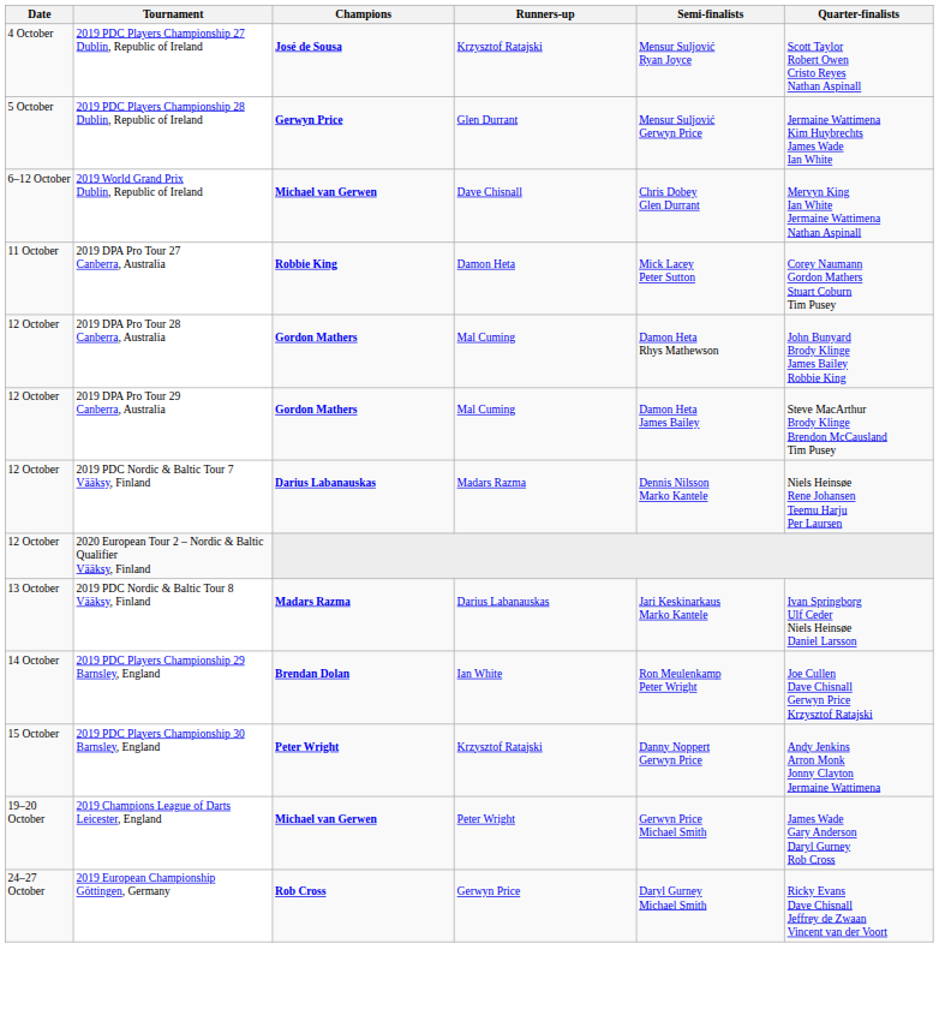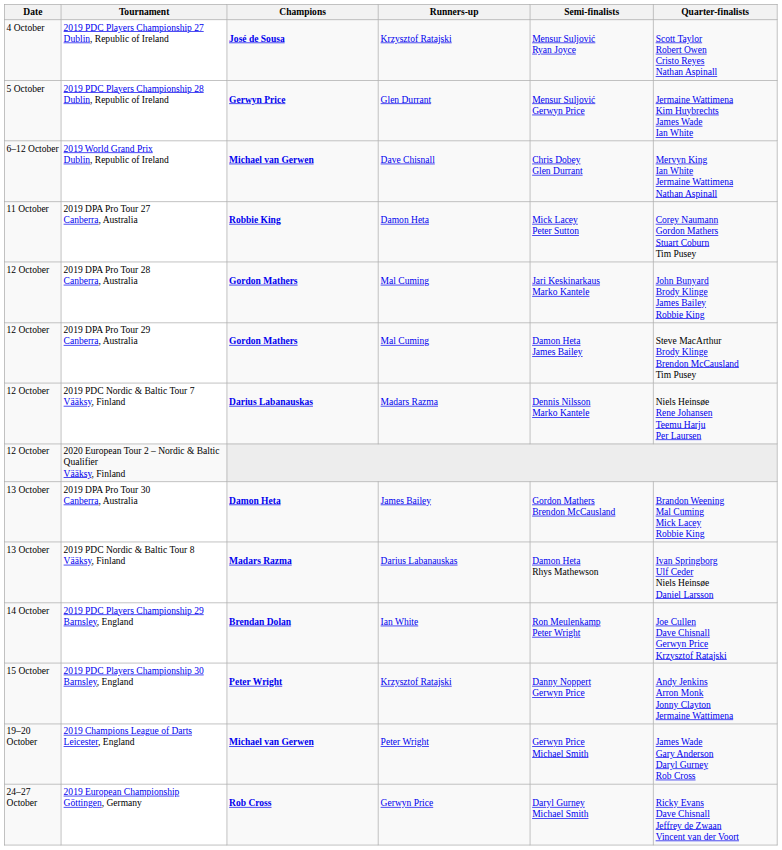 <table class=wikitable style=font-size:85%>
 <tr>
 <th width=75>Date</th>
 <th width=230>Tournament</th>
 <th width=210>Champions</th>
 <th width=210>Runners-up</th>
 <th width=170>Semi-finalists</th>
 <th width=170>Quarter-finalists</th>
 </tr>
 <tr valign="top">
 <td>4 October</td>
 <td bgcolor="#ffffff"><a href='#'>2019 PDC Players Championship 27</a><br><a href='#'>Dublin</a>, Republic of Ireland</td>
 <td><br> <strong><a href='#'>José de Sousa</a></strong></td>
 <td><br> <a href='#'>Krzysztof Ratajski</a></td>
 <td><br> <a href='#'>Mensur Suljović</a> <br>  <a href='#'>Ryan Joyce</a></td>
 <td><br> <a href='#'>Scott Taylor</a> <br>  <a href='#'>Robert Owen</a> <br>  <a href='#'>Cristo Reyes</a> <br>  <a href='#'>Nathan Aspinall</a></td>
 </tr>
 <tr valign="top">
 <td>5 October</td>
 <td bgcolor="#ffffff"><a href='#'>2019 PDC Players Championship 28</a><br><a href='#'>Dublin</a>, Republic of Ireland</td>
 <td><br> <strong><a href='#'>Gerwyn Price</a></strong></td>
 <td><br> <a href='#'>Glen Durrant</a></td>
 <td><br> <a href='#'>Mensur Suljović</a>  <br>  <a href='#'>Gerwyn Price</a></td>
 <td><br> <a href='#'>Jermaine Wattimena</a> <br>  <a href='#'>Kim Huybrechts</a> <br>  <a href='#'>James Wade</a> <br>  <a href='#'>Ian White</a></td>
 </tr>
 <tr valign="top">
 <td>6–12 October</td>
 <td bgcolor="#ffffff"><a href='#'>2019 World Grand Prix</a><br><a href='#'>Dublin</a>, Republic of Ireland</td>
 <td><br> <strong><a href='#'>Michael van Gerwen</a></strong></td>
 <td><br> <a href='#'>Dave Chisnall</a></td>
 <td><br> <a href='#'>Chris Dobey</a> <br>  <a href='#'>Glen Durrant</a></td>
 <td><br> <a href='#'>Mervyn King</a> <br>  <a href='#'>Ian White</a> <br>  <a href='#'>Jermaine Wattimena</a> <br>  <a href='#'>Nathan Aspinall</a></td>
 </tr>
 <tr valign="top">
 <td>11 October</td>
 <td bgcolor="#ffffff">2019 DPA Pro Tour 27<br><a href='#'>Canberra</a>, Australia</td>
 <td><br> <strong><a href='#'>Robbie King</a></strong></td>
 <td><br> <a href='#'>Damon Heta</a></td>
 <td><br> <a href='#'>Mick Lacey</a> <br>  <a href='#'>Peter Sutton</a></td>
 <td><br> <a href='#'>Corey Naumann</a> <br>  <a href='#'>Gordon Mathers</a> <br>  <a href='#'>Stuart Coburn</a> <br>  Tim Pusey</td>
 </tr>
 <tr valign="top">
 <td>12 October</td>
 <td bgcolor="#ffffff">2019 DPA Pro Tour 28<br><a href='#'>Canberra</a>, Australia</td>
 <td><br> <strong><a href='#'>Gordon Mathers</a></strong></td>
 <td><br> <a href='#'>Mal Cuming</a></td>
-<td><br> <a href='#'>Damon Heta</a> <br>  Rhys Mathewson</td>
+<td><br> <a href='#'>Jari Keskinarkaus</a>  <br>  <a href='#'>Marko Kantele</a></td>
 <td><br> <a href='#'>John Bunyard</a> <br>  <a href='#'>Brody Klinge</a> <br>  <a href='#'>James Bailey</a> <br>  <a href='#'>Robbie King</a></td>
 </tr>
 <tr valign="top">
 <td>12 October</td>
 <td bgcolor="#ffffff">2019 DPA Pro Tour 29<br><a href='#'>Canberra</a>, Australia</td>
 <td><br> <strong><a href='#'>Gordon Mathers</a></strong></td>
 <td><br> <a href='#'>Mal Cuming</a></td>
 <td><br> <a href='#'>Damon Heta</a> <br>  <a href='#'>James Bailey</a></td>
 <td><br> Steve MacArthur <br>  <a href='#'>Brody Klinge</a> <br>  <a href='#'>Brendon McCausland</a> <br>  Tim Pusey</td>
 </tr>
 <tr valign="top">
 <td>12 October</td>
 <td bgcolor="#ffffff">2019 PDC Nordic & Baltic Tour 7<br><a href='#'>Vääksy</a>, Finland</td>
 <td><br> <strong><a href='#'>Darius Labanauskas</a></strong></td>
 <td><br> <a href='#'>Madars Razma</a></td>
 <td><br> <a href='#'>Dennis Nilsson</a> <br>  <a href='#'>Marko Kantele</a></td>
 <td><br> Niels Heinsøe <br>  <a href='#'>Rene Johansen</a> <br>  <a href='#'>Teemu Harju</a> <br>  <a href='#'>Per Laursen</a></td>
 </tr>
 <tr valign="top">
 <td rowspan=1>12 October</td>
 <td>2020 European Tour 2 – Nordic & Baltic Qualifier <br><a href='#'>Vääksy</a>, Finland</td>
 <td colspan=4 bgcolor="#ededed"></td>
 </tr>
 <tr valign="top">
 <td>13 October</td>
+<td bgcolor="#ffffff">2019 DPA Pro Tour 30<br><a href='#'>Canberra</a>, Australia</td>
+<td><br> <strong><a href='#'>Damon Heta</a></strong></td>
+<td><br> <a href='#'>James Bailey</a></td>
+<td><br> <a href='#'>Gordon Mathers</a> <br>  <a href='#'>Brendon McCausland</a></td>
+<td><br> <a href='#'>Brandon Weening</a> <br>  <a href='#'>Mal Cuming</a> <br>  <a href='#'>Mick Lacey</a> <br>  <a href='#'>Robbie King</a></td>
+</tr>
+<tr valign="top">
+<td>13 October</td>
 <td bgcolor="#ffffff">2019 PDC Nordic & Baltic Tour 8<br><a href='#'>Vääksy</a>, Finland</td>
 <td><br> <strong><a href='#'>Madars Razma</a></strong></td>
 <td><br> <a href='#'>Darius Labanauskas</a></td>
-<td><br> <a href='#'>Jari Keskinarkaus</a>  <br>  <a href='#'>Marko Kantele</a></td>
+<td><br> <a href='#'>Damon Heta</a> <br>  Rhys Mathewson</td>
 <td><br> <a href='#'>Ivan Springborg</a> <br>  <a href='#'>Ulf Ceder</a> <br>  Niels Heinsøe <br>  <a href='#'>Daniel Larsson</a></td>
 </tr>
 <tr valign="top">
 <td>14 October</td>
 <td bgcolor="#ffffff"><a href='#'>2019 PDC Players Championship 29</a><br><a href='#'>Barnsley</a>, England</td>
 <td><br> <strong><a href='#'>Brendan Dolan</a></strong></td>
 <td><br> <a href='#'>Ian White</a></td>
 <td><br> <a href='#'>Ron Meulenkamp</a>  <br>  <a href='#'>Peter Wright</a></td>
 <td><br> <a href='#'>Joe Cullen</a> <br>  <a href='#'>Dave Chisnall</a> <br>  <a href='#'>Gerwyn Price</a> <br>  <a href='#'>Krzysztof Ratajski</a></td>
 </tr>
 <tr valign="top">
 <td>15 October</td>
 <td bgcolor="#ffffff"><a href='#'>2019 PDC Players Championship 30</a><br><a href='#'>Barnsley</a>, England</td>
 <td><br> <strong><a href='#'>Peter Wright</a></strong></td>
 <td><br> <a href='#'>Krzysztof Ratajski</a></td>
 <td><br> <a href='#'>Danny Noppert</a> <br>  <a href='#'>Gerwyn Price</a></td>
 <td><br> <a href='#'>Andy Jenkins</a> <br>  <a href='#'>Arron Monk</a> <br>  <a href='#'>Jonny Clayton</a> <br>  <a href='#'>Jermaine Wattimena</a></td>
 </tr>
 <tr valign="top">
 <td>19–20 October</td>
 <td bgcolor="#ffffff"><a href='#'>2019 Champions League of Darts</a><br><a href='#'>Leicester</a>, England</td>
 <td><br> <strong><a href='#'>Michael van Gerwen</a></strong></td>
 <td><br> <a href='#'>Peter Wright</a></td>
 <td><br> <a href='#'>Gerwyn Price</a> <br>  <a href='#'>Michael Smith</a></td>
 <td><br> <a href='#'>James Wade</a> <br>  <a href='#'>Gary Anderson</a> <br>  <a href='#'>Daryl Gurney</a> <br>  <a href='#'>Rob Cross</a></td>
 </tr>
 <tr valign="top">
 <td>24–27 October</td>
 <td bgcolor="#ffffff"><a href='#'>2019 European Championship</a><br><a href='#'>Göttingen</a>, Germany</td>
 <td><br> <strong><a href='#'>Rob Cross</a></strong></td>
 <td><br> <a href='#'>Gerwyn Price</a></td>
 <td><br> <a href='#'>Daryl Gurney</a> <br>  <a href='#'>Michael Smith</a></td>
 <td><br> <a href='#'>Ricky Evans</a> <br>  <a href='#'>Dave Chisnall</a> <br>  <a href='#'>Jeffrey de Zwaan</a> <br>  <a href='#'>Vincent van der Voort</a></td>
 </tr>
 </table>
